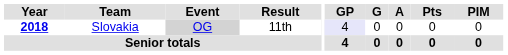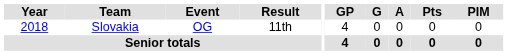 <table border="0" cellpadding="1" cellspacing="0" ID="Table3" style="text-align:center; width:40em">
 <tr ALIGN="center" bgcolor="#e0e0e0">
 <th>Year</th>
 <th>Team</th>
 <th>Event</th>
 <th>Result</th>
 <th rowspan="99" bgcolor="#ffffff"></th>
 <th>GP</th>
 <th>G</th>
 <th>A</th>
 <th>Pts</th>
 <th>PIM</th>
 </tr>
 <tr>
-<td><strong><a href='#'>2018</a></strong></td>
+<td><a href='#'>2018</a></td>
 <td><a href='#'>Slovakia</a></td>
-<td style="background: lightgrey;"><a href='#'>OG</a></td>
+<td><a href='#'>OG</a></td>
 <td>11th</td>
-<td style="background: lavender;">4</td>
+<td>4</td>
 <td>0</td>
 <td>0</td>
 <td>0</td>
 <td>0</td>
 </tr>
 <tr bgcolor="#e0e0e0">
 <th colspan=4>Senior totals</th>
 <th>4</th>
 <th>0</th>
 <th>0</th>
 <th>0</th>
 <th>0</th>
 </tr>
 </table>
